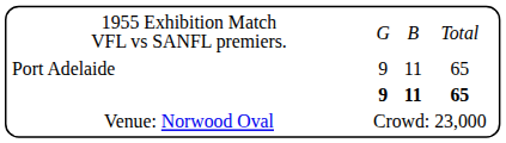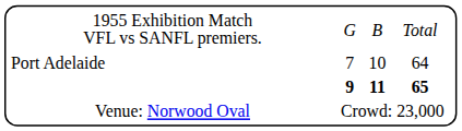 <table style="margin-right:4px; margin-top:8px; float:right; border:1px #000 solid; border-radius:8px; background:#fff; font-family:Verdana; font-size:8pt; text-align:center;">
 <tr>
 <td width="200">1955 Exhibition Match<br>VFL vs SANFL premiers.</td>
 <td><em>G</em></td>
 <td><em>B</em></td>
 <td><em>Total</em></td>
 </tr>
 <tr>
 <td style="text-align:left">Port Adelaide</td>
-<td>9</td>
-<td>11</td>
-<td>65</td>
+<td>7</td>
+<td>10</td>
+<td>64</td>
 </tr>
 <tr>
 <td style="text-align:left"></td>
 <td><strong>9</strong></td>
 <td><strong>11</strong></td>
 <td><strong>65</strong></td>
 </tr>
 <tr>
 <td>Venue: <a href='#'>Norwood Oval</a></td>
 <td colspan="3">Crowd: 23,000</td>
 <td colspan="3"></td>
 </tr>
 </table>
